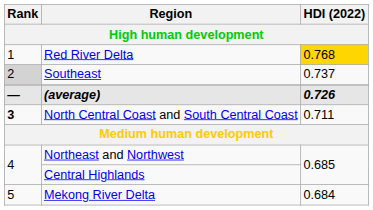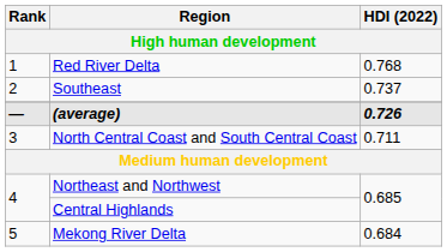 <table class="wikitable sortable">
 <tr>
 <th>Rank</th>
 <th>Region</th>
 <th>HDI (2022) </th>
 </tr>
 <tr>
 <th colspan="4" style="color:#0c0;">High human development</th>
 </tr>
 <tr>
 <td>1</td>
 <td><a href='#'>Red River Delta</a></td>
-<td style="background: gold;">0.768</td>
+<td>0.768</td>
 </tr>
 <tr>
-<td style="background: lightgrey;">2</td>
+<td>2</td>
 <td><a href='#'>Southeast</a></td>
 <td>0.737</td>
 </tr>
 <tr>
 </tr>
 <tr style="background:#e6e6e6">
 <td><strong><em>—</em></strong></td>
 <td><strong><em> (average)</em></strong></td>
 <td><strong><em>0.726</em></strong></td>
 </tr>
 <tr>
-<td><strong>3</strong></td>
+<td>3</td>
 <td><a href='#'>North Central Coast</a> and <a href='#'>South Central Coast</a></td>
 <td>0.711</td>
 </tr>
 <tr>
 <th colspan="4" style="color:#fc0;">Medium human development</th>
 </tr>
 <tr>
 <td rowspan="2">4</td>
 <td><a href='#'>Northeast</a> and <a href='#'>Northwest</a></td>
 <td rowspan="2">0.685</td>
 </tr>
 <tr>
 <td><a href='#'>Central Highlands</a></td>
 </tr>
 <tr>
 <td>5</td>
 <td><a href='#'>Mekong River Delta</a></td>
 <td>0.684</td>
 </tr>
 </table>
